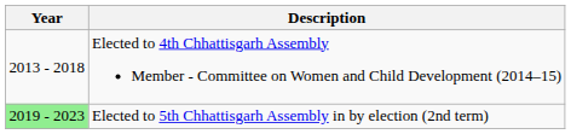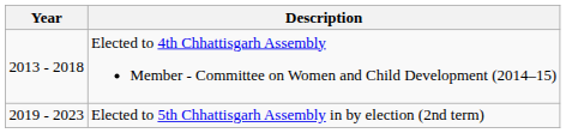 <table class="wikitable">
 <tr>
 <th>Year</th>
 <th>Description</th>
 </tr>
 <tr>
 <td>2013 - 2018</td>
 <td>Elected to <a href='#'>4th Chhattisgarh Assembly</a><br><ul><li>Member - Committee on Women and Child Development (2014–15)</li></ul></td>
 </tr>
 <tr>
-<td style="background: lightgreen;">2019 - 2023</td>
+<td>2019 - 2023</td>
 <td>Elected to <a href='#'>5th Chhattisgarh Assembly</a> in by election (2nd term)</td>
 </tr>
 </table>
